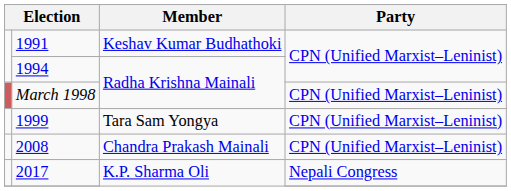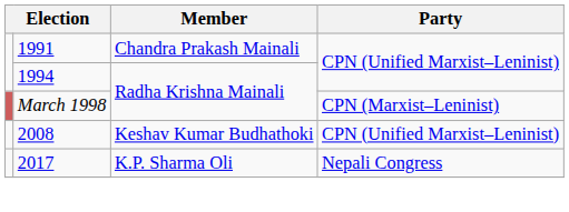 <table class="wikitable">
 <tr>
 <th colspan="2">Election</th>
 <th>Member</th>
 <th>Party</th>
 </tr>
 <tr>
 <td rowspan="2" style="background-color:"></td>
 <td><a href='#'>1991</a></td>
-<td><a href='#'>Keshav Kumar Budhathoki</a></td>
+<td><a href='#'>Chandra Prakash Mainali</a></td>
 <td rowspan="2"><a href='#'>CPN (Unified Marxist–Leninist)</a></td>
 </tr>
 <tr>
 <td><a href='#'>1994</a></td>
 <td rowspan="2"><a href='#'>Radha Krishna Mainali</a></td>
 </tr>
 <tr>
 <td style="background-color:indianred"></td>
 <td><em>March 1998</em></td>
-<td><a href='#'>CPN (Unified Marxist–Leninist)</a></td>
-</tr>
-<tr>
-<td style="background-color:"></td>
-<td><a href='#'>1999</a></td>
-<td>Tara Sam Yongya</td>
-<td><a href='#'>CPN (Unified Marxist–Leninist)</a></td>
+<td><a href='#'>CPN (Marxist–Leninist)</a></td>
 </tr>
 <tr>
 <td style="background-color:"></td>
 <td><a href='#'>2008</a></td>
-<td><a href='#'>Chandra Prakash Mainali</a></td>
+<td><a href='#'>Keshav Kumar Budhathoki</a></td>
 <td><a href='#'>CPN (Unified Marxist–Leninist)</a></td>
 </tr>
 <tr>
 <td style="background-color:"></td>
 <td><a href='#'>2017</a></td>
 <td rowspan="3"><a href='#'>K.P. Sharma Oli</a></td>
 <td><a href='#'>Nepali Congress</a></td>
 </tr>
 <tr>
 </tr>
 </table>
